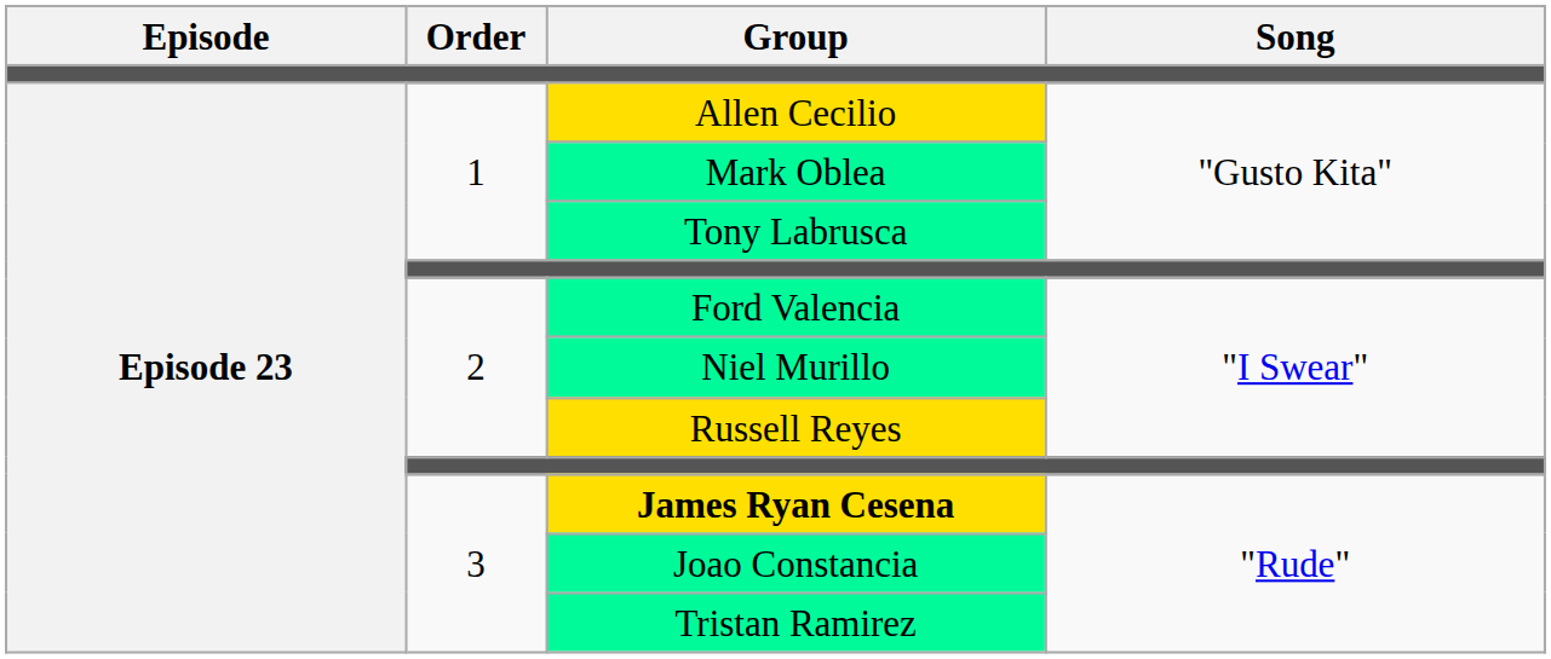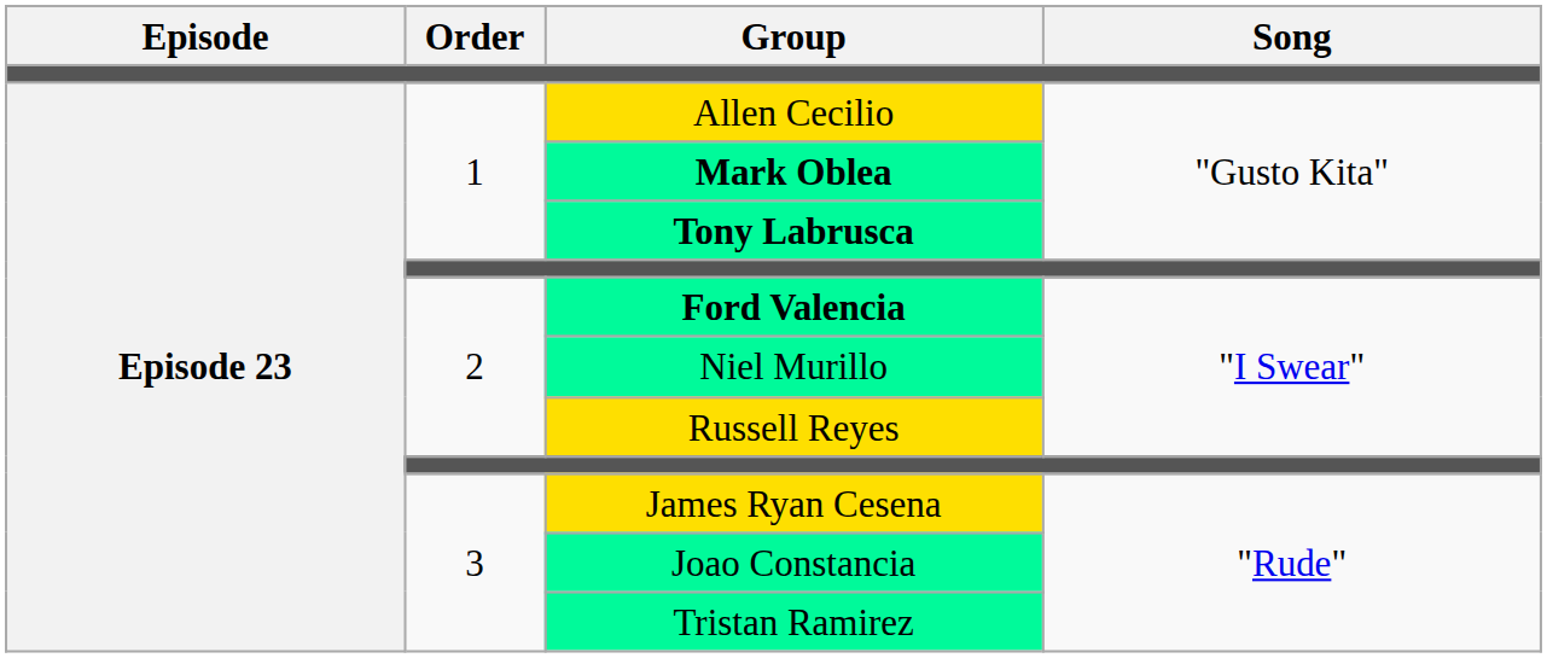 <table class="wikitable" style="text-align:center; line-height:17px; width:100%; font-size: 95%;">
 <tr>
 <th style="width:20%;">Episode</th>
 <th style="width:05%;">Order</th>
 <th style="width:25%;">Group</th>
 <th style="width:25%;">Song</th>
 </tr>
 <tr>
 <td colspan="4" style="background:#555;"></td>
 </tr>
 <tr>
 <th rowspan="11">Episode 23<br><small></small></th>
 <td rowspan="3">1</td>
 <td style="background:#fedf00;">Allen Cecilio</td>
 <td rowspan="3">"Gusto Kita"</td>
 </tr>
 <tr>
-<td style="background:#00fa9a;">Mark Oblea</td>
+<td style="background:#00fa9a;"><strong>Mark Oblea</strong></td>
 </tr>
 <tr>
-<td style="background:#00fa9a;">Tony Labrusca</td>
+<td style="background:#00fa9a;"><strong>Tony Labrusca</strong></td>
 </tr>
 <tr>
 <td colspan="3" style="background:#555;"></td>
 </tr>
 <tr>
 <td rowspan="3">2</td>
-<td style="background:#00fa9a;">Ford Valencia</td>
+<td style="background:#00fa9a;"><strong>Ford Valencia</strong></td>
 <td rowspan="3">"<a href='#'>I Swear</a>"</td>
 </tr>
 <tr>
 <td style="background:#00fa9a;">Niel Murillo</td>
 </tr>
 <tr>
 <td style="background:#fedf00;">Russell Reyes</td>
 </tr>
 <tr>
 <td colspan="3" style="background:#555;"></td>
 </tr>
 <tr>
 <td rowspan="3">3</td>
-<td style="background:#fedf00;"><strong>James Ryan Cesena</strong></td>
+<td style="background:#fedf00;">James Ryan Cesena</td>
 <td rowspan="3">"<a href='#'>Rude</a>"</td>
 </tr>
 <tr>
 <td style="background:#00fa9a;">Joao Constancia</td>
 </tr>
 <tr>
 <td style="background:#00fa9a;">Tristan Ramirez</td>
 </tr>
 </table>
